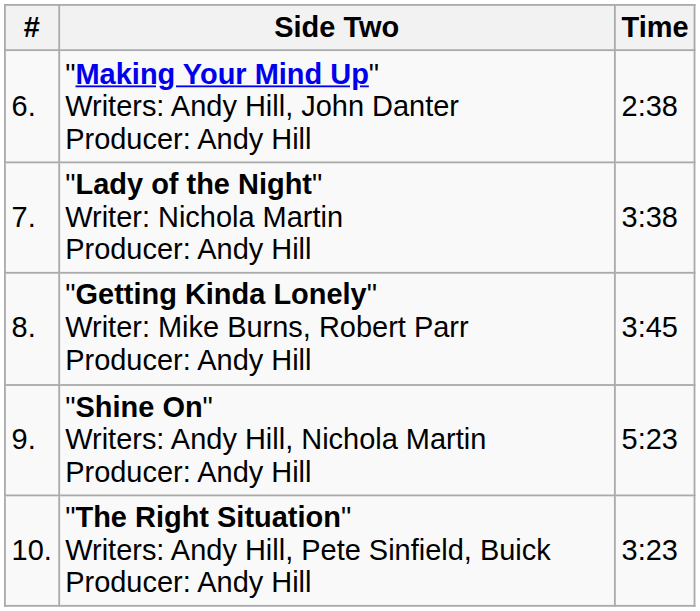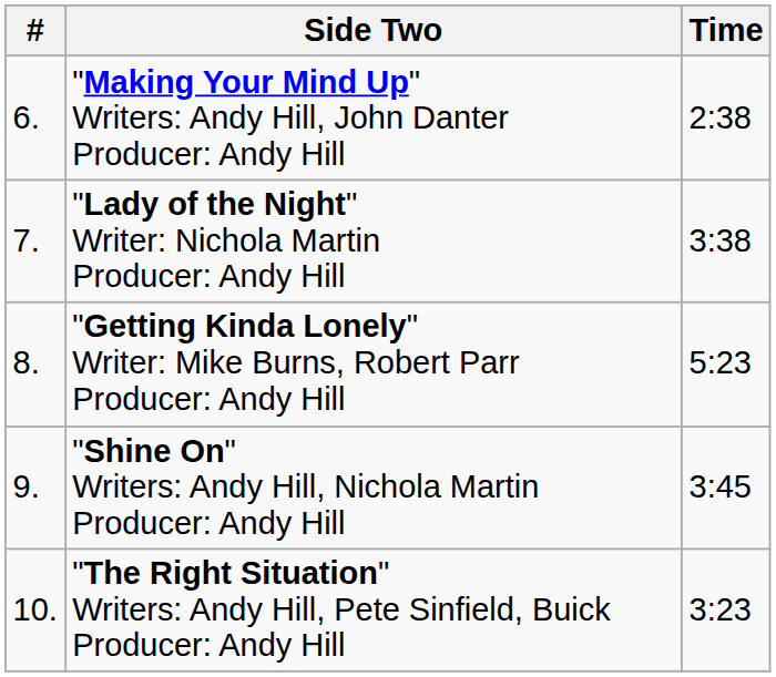 <table class="wikitable">
 <tr>
 <th>#</th>
 <th width="300">Side Two</th>
 <th>Time</th>
 </tr>
 <tr>
 <td>6.</td>
 <td>"<strong><a href='#'>Making Your Mind Up</a></strong>"  <br>Writers: Andy Hill, John Danter<br> Producer: Andy Hill</td>
 <td>2:38</td>
 </tr>
 <tr>
 <td>7.</td>
 <td>"<strong>Lady of the Night</strong>"  <br>Writer: Nichola Martin<br> Producer: Andy Hill</td>
 <td>3:38</td>
 </tr>
 <tr>
 <td>8.</td>
 <td>"<strong>Getting Kinda Lonely</strong>"  <br>Writer: Mike Burns, Robert Parr<br> Producer: Andy Hill</td>
-<td>3:45</td>
+<td>5:23</td>
 </tr>
 <tr>
 <td>9.</td>
 <td>"<strong>Shine On</strong>"  <br>Writers: Andy Hill, Nichola Martin<br> Producer: Andy Hill</td>
-<td>5:23</td>
+<td>3:45</td>
 </tr>
 <tr>
 <td>10.</td>
 <td>"<strong>The Right Situation</strong>" <br>Writers: Andy Hill, Pete Sinfield, Buick <br> Producer: Andy Hill</td>
 <td>3:23</td>
 </tr>
 </table>
